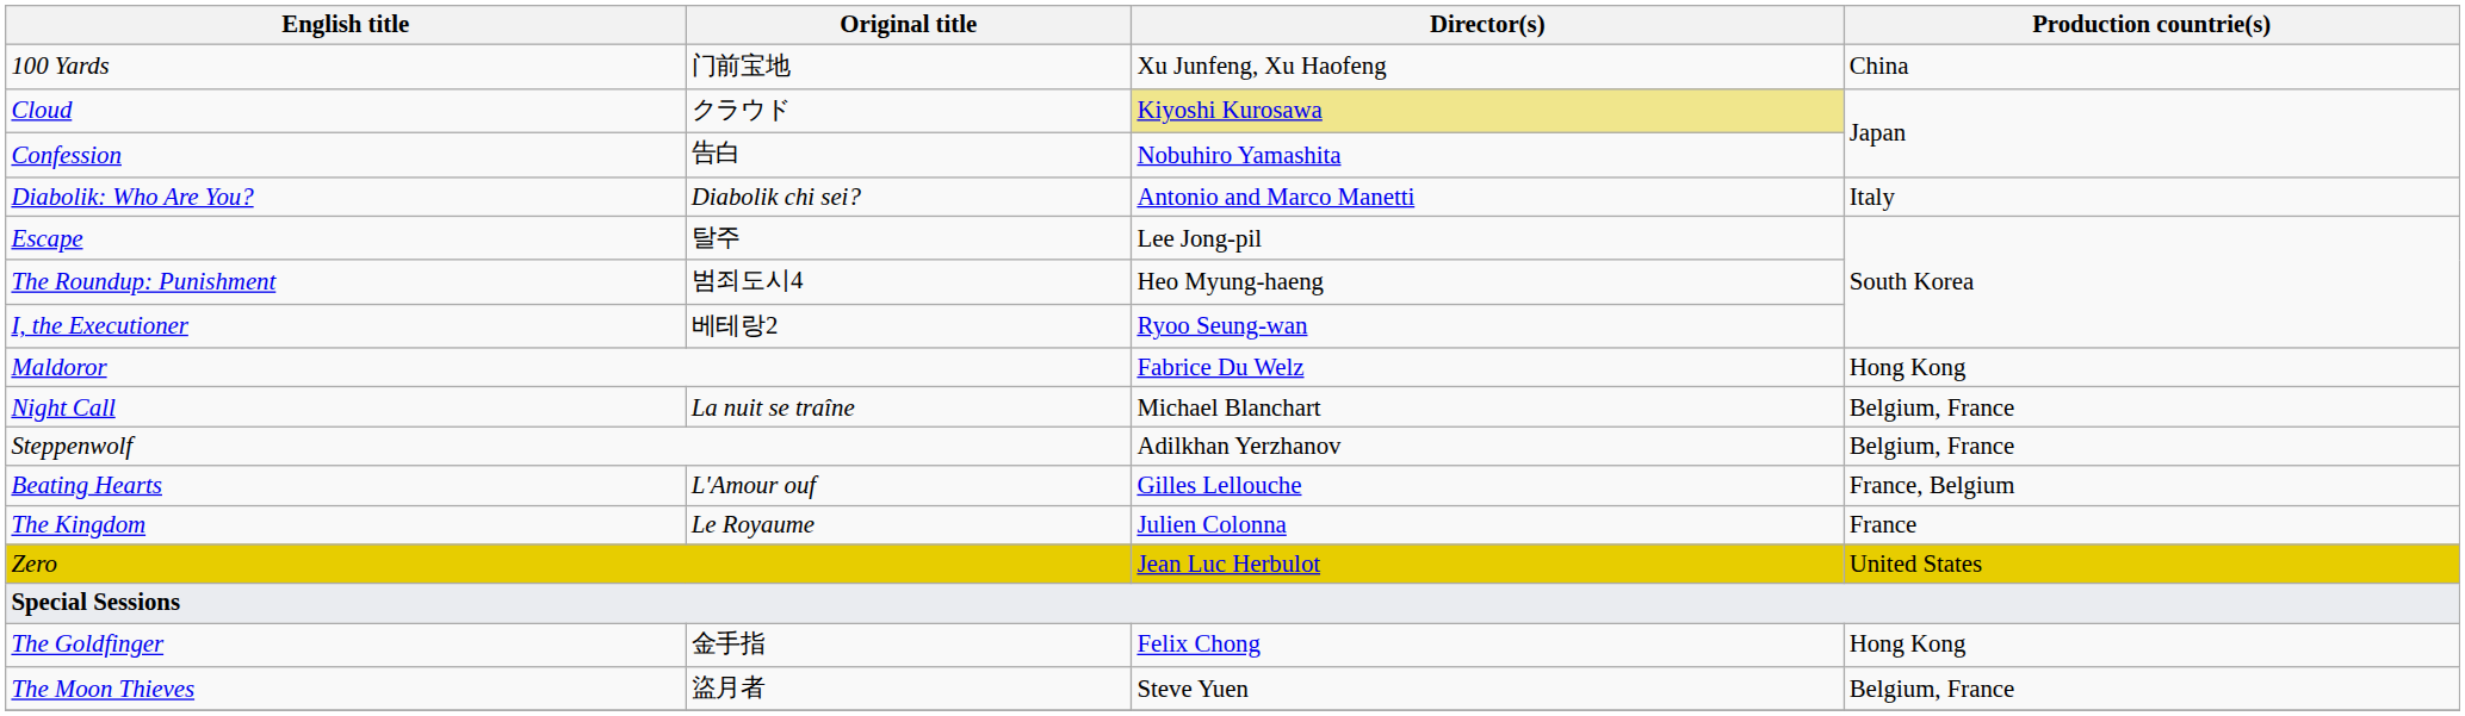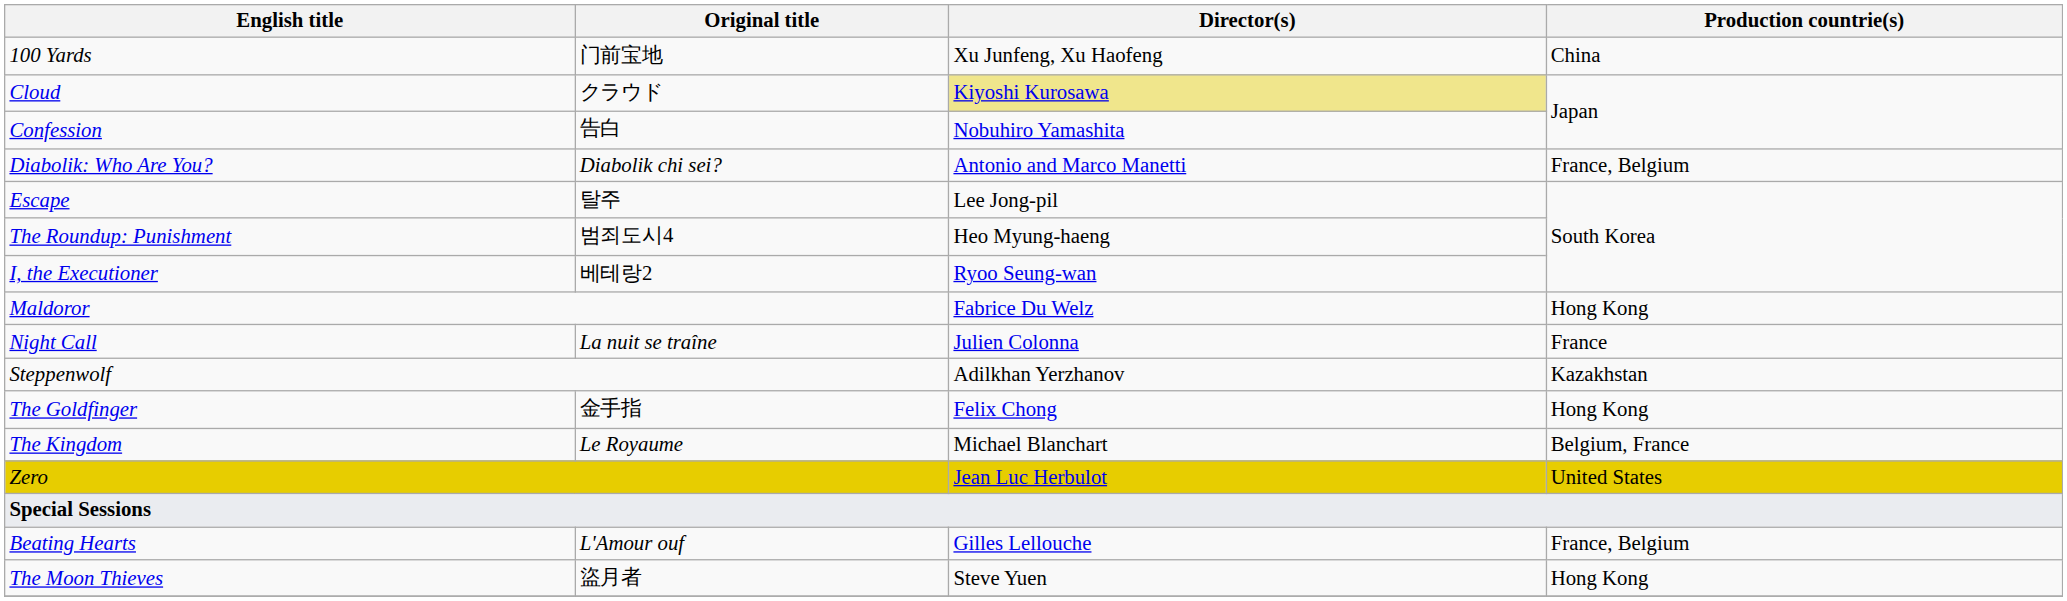 <table class="sortable wikitable" style="width:100%; margin-bottom:4px" cellpadding="5">
 <tr>
 <th scope="col">English title</th>
 <th scope="col">Original title</th>
 <th scope="col">Director(s)</th>
 <th scope="col">Production countrie(s)</th>
 </tr>
 <tr>
 <td><em>100 Yards</em></td>
 <td>门前宝地</td>
 <td>Xu Junfeng, Xu Haofeng</td>
 <td>China</td>
 </tr>
 <tr>
 <td><em><a href='#'>Cloud</a></em></td>
 <td>クラウド</td>
 <td style="background: khaki;"><a href='#'>Kiyoshi Kurosawa</a></td>
 <td rowspan="2">Japan</td>
 </tr>
 <tr>
 <td><em><a href='#'>Confession</a></em></td>
 <td>告白</td>
 <td><a href='#'>Nobuhiro Yamashita</a></td>
 </tr>
 <tr>
 <td><em><a href='#'>Diabolik: Who Are You?</a></em></td>
 <td><em>Diabolik chi sei?</em></td>
 <td><a href='#'>Antonio and Marco Manetti</a></td>
-<td>Italy</td>
+<td>France, Belgium</td>
 </tr>
 <tr>
 <td><em><a href='#'>Escape</a></em></td>
 <td>탈주</td>
 <td>Lee Jong-pil</td>
 <td rowspan="3">South Korea</td>
 </tr>
 <tr>
 <td><em><a href='#'>The Roundup: Punishment</a></em></td>
 <td>범죄도시4</td>
 <td>Heo Myung-haeng</td>
 </tr>
 <tr>
 <td><em><a href='#'>I, the Executioner</a></em></td>
 <td>베테랑2</td>
 <td><a href='#'>Ryoo Seung-wan</a></td>
 </tr>
 <tr>
 <td colspan="2"><em><a href='#'>Maldoror</a></em></td>
 <td><a href='#'>Fabrice Du Welz</a></td>
 <td>Hong Kong</td>
 </tr>
 <tr>
 <td><em><a href='#'>Night Call</a></em></td>
 <td><em>La nuit se traîne</em></td>
-<td>Michael Blanchart</td>
-<td>Belgium, France</td>
+<td><a href='#'>Julien Colonna</a></td>
+<td>France</td>
 </tr>
 <tr>
 <td colspan="2"><em>Steppenwolf</em></td>
 <td>Adilkhan Yerzhanov</td>
-<td>Belgium, France</td>
+<td>Kazakhstan</td>
 </tr>
 <tr>
-<td><em><a href='#'>Beating Hearts</a></em></td>
-<td><em>L'Amour ouf</em></td>
-<td><a href='#'>Gilles Lellouche</a></td>
-<td>France, Belgium</td>
+<td><em><a href='#'>The Goldfinger</a></em></td>
+<td>金手指</td>
+<td><a href='#'>Felix Chong</a></td>
+<td>Hong Kong</td>
 </tr>
 <tr>
 <td><em><a href='#'>The Kingdom</a></em></td>
 <td><em>Le Royaume</em></td>
-<td><a href='#'>Julien Colonna</a></td>
-<td>France</td>
+<td>Michael Blanchart</td>
+<td>Belgium, France</td>
 </tr>
 <tr style="background:#E7CD00;">
 <td colspan="2"><em>Zero</em></td>
 <td><a href='#'>Jean Luc Herbulot</a></td>
 <td>United States</td>
 </tr>
 <tr>
 <td colspan=4 class="center" style="padding-center:120px; background-color:#EAECF0"><strong>Special Sessions</strong></td>
 </tr>
 <tr>
-<td><em><a href='#'>The Goldfinger</a></em></td>
-<td>金手指</td>
-<td><a href='#'>Felix Chong</a></td>
-<td>Hong Kong</td>
+<td><em><a href='#'>Beating Hearts</a></em></td>
+<td><em>L'Amour ouf</em></td>
+<td><a href='#'>Gilles Lellouche</a></td>
+<td>France, Belgium</td>
 </tr>
 <tr>
 <td><em><a href='#'>The Moon Thieves</a></em></td>
 <td>盜月者</td>
 <td>Steve Yuen</td>
-<td>Belgium, France</td>
+<td>Hong Kong</td>
 </tr>
 <tr>
 </tr>
 </table>
